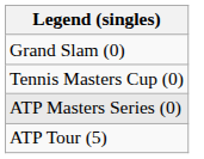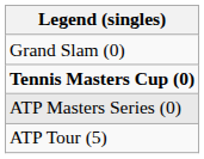 <table class="wikitable sortable">
 <tr>
 <th>Legend (singles)</th>
 </tr>
 <tr bstyle="background:#f3e6d7;">
 <td>Grand Slam (0)</td>
 </tr>
 <tr bstyle="background:#ffffcc;">
-<td>Tennis Masters Cup (0)</td>
+<td><strong>Tennis Masters Cup (0)</strong></td>
 </tr>
 <tr style="background:#e9e9e9;">
 <td>ATP Masters Series (0)</td>
 </tr>
 <tr>
 <td>ATP Tour (5)</td>
 </tr>
 </table>
